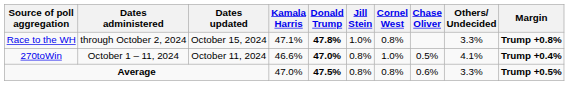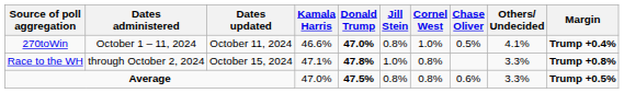 <table class="wikitable sortable mw-datatable" style="text-align:center;font-size:90%;line-height:17px">
 <tr>
 <th>Source of poll<br>aggregation</th>
 <th>Dates<br>administered</th>
 <th>Dates<br>updated</th>
 <th class="unsortable"><a href='#'>Kamala <br>Harris</a><br><small></small></th>
 <th class="unsortable"><a href='#'>Donald<br>Trump</a><br><small></small></th>
 <th class="unsortable"><a href='#'>Jill<br>Stein</a><br><small></small></th>
 <th class="unsortable"><a href='#'>Cornel<br>West</a><br><small></small></th>
 <th class="unsortable"><a href='#'>Chase<br>Oliver</a><br><small></small></th>
 <th class="unsortable">Others/<br>Undecided<br></th>
 <th>Margin</th>
 </tr>
 <tr>
+<td><a href='#'>270toWin</a></td>
+<td>October 1 – 11, 2024</td>
+<td>October 11, 2024</td>
+<td>46.6%</td>
+<td style="background-color:"><strong>47.0%</strong></td>
+<td>0.8%</td>
+<td>1.0%</td>
+<td>0.5%</td>
+<td>4.1%</td>
+<td style="background-color:"><strong>Trump +0.4%</strong></td>
+</tr>
+<tr>
 <td><a href='#'>Race to the WH</a></td>
 <td>through October 2, 2024</td>
 <td>October 15, 2024</td>
 <td>47.1%</td>
 <td style="background-color:"><strong>47.8%</strong></td>
 <td>1.0%</td>
 <td>0.8%</td>
 <td></td>
 <td>3.3%</td>
 <td style="background-color:"><strong>Trump +0.8%</strong></td>
 </tr>
 <tr>
-<td><a href='#'>270toWin</a></td>
-<td>October 1 – 11, 2024</td>
-<td>October 11, 2024</td>
-<td>46.6%</td>
-<td style="background-color:"><strong>47.0%</strong></td>
-<td>0.8%</td>
-<td>1.0%</td>
-<td>0.5%</td>
-<td>4.1%</td>
-<td style="background-color:"><strong>Trump +0.4%</strong></td>
-</tr>
-<tr>
 <td colspan="3"><strong>Average</strong></td>
 <td>47.0%</td>
 <td style="background-color:"><strong>47.5%</strong></td>
 <td>0.8%</td>
 <td>0.8%</td>
 <td>0.6%</td>
 <td>3.3%</td>
 <td style="background-color:"><strong>Trump +0.5%</strong></td>
 </tr>
 </table>
